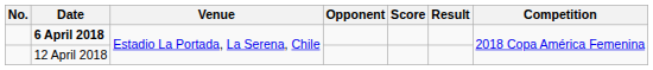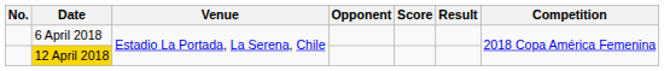 <table class="wikitable">
 <tr>
 <th>No.</th>
 <th>Date</th>
 <th>Venue</th>
 <th>Opponent</th>
 <th>Score</th>
 <th>Result</th>
 <th>Competition</th>
 </tr>
 <tr>
 <td></td>
-<td><strong>6 April 2018</strong></td>
+<td>6 April 2018</td>
 <td rowspan=2><a href='#'>Estadio La Portada</a>, <a href='#'>La Serena</a>, <a href='#'>Chile</a></td>
 <td></td>
 <td></td>
 <td></td>
 <td rowspan=2><a href='#'>2018 Copa América Femenina</a></td>
 </tr>
 <tr>
 <td></td>
-<td>12 April 2018</td>
+<td style="background: gold;">12 April 2018</td>
 <td></td>
 <td></td>
 <td></td>
 </tr>
 </table>
